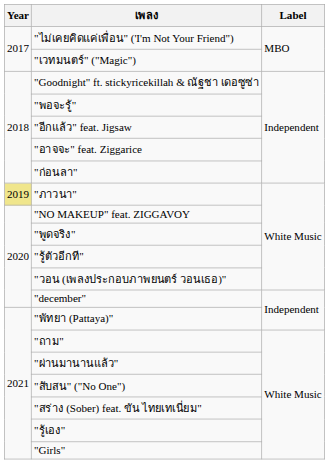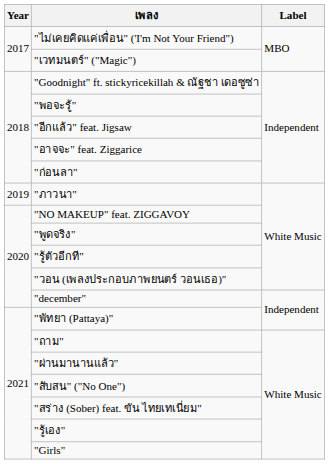 <table class="wikitable">
 <tr>
 <th>Year</th>
 <th>เพลง</th>
 <th>Label</th>
 </tr>
 <tr>
 <td rowspan="2">2017</td>
 <td>"ไม่เคยคิดแค่เพื่อน" ('I'm Not Your Friend")</td>
 <td rowspan="2">MBO</td>
 </tr>
 <tr>
 <td>"เวทมนตร์" ("Magic")</td>
 </tr>
 <tr>
 <td rowspan="5">2018</td>
 <td>"Goodnight" ft. stickyricekillah & ณัฐชา เดอซูซ่า</td>
 <td rowspan="5">Independent</td>
 </tr>
 <tr>
 <td>"พอจะรู้"</td>
 </tr>
 <tr>
 <td>"อีกแล้ว" feat. Jigsaw</td>
 </tr>
 <tr>
 <td>"อาจจะ" feat. Ziggarice</td>
 </tr>
 <tr>
 <td>"ก่อนลา"</td>
 </tr>
 <tr>
-<td style="background: khaki;">2019</td>
+<td>2019</td>
 <td>"ภาวนา"</td>
 <td rowspan="5">White Music</td>
 </tr>
 <tr>
 <td rowspan="5">2020</td>
 <td>"NO MAKEUP" feat. ZIGGAVOY</td>
 </tr>
 <tr>
 <td>"พูดจริง"</td>
 </tr>
 <tr>
 <td>"รู้ตัวอีกที"</td>
 </tr>
 <tr>
 <td>"วอน (เพลงประกอบภาพยนตร์ วอนเธอ)"</td>
 </tr>
 <tr>
 <td>"december"</td>
 <td rowspan="2">Independent</td>
 </tr>
 <tr>
 <td rowspan="7">2021</td>
 <td>"พัทยา (Pattaya)"</td>
 </tr>
 <tr>
 <td>"ถาม"</td>
 <td rowspan="6">White Music</td>
 </tr>
 <tr>
 <td>"ผ่านมานานแล้ว"</td>
 </tr>
 <tr>
 <td>"สับสน" ("No One")</td>
 </tr>
 <tr>
 <td>"สร่าง (Sober) feat. ขัน ไทยเทเนี่ยม"</td>
 </tr>
 <tr>
 <td>"รู้เอง"</td>
 </tr>
 <tr>
 <td>"Girls"</td>
 </tr>
 </table>
